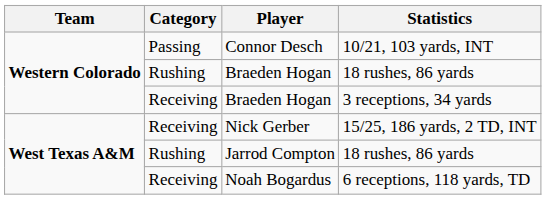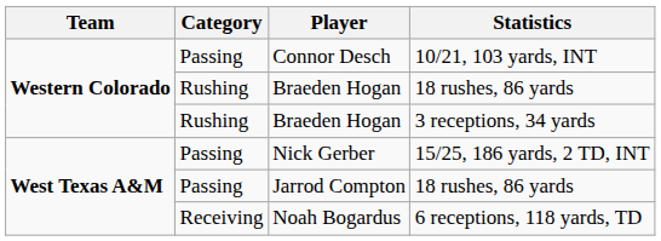 <table class="wikitable" style="float: left;">
 <tr>
 <th>Team</th>
 <th>Category</th>
 <th>Player</th>
 <th>Statistics</th>
 </tr>
 <tr>
 <td rowspan=3><strong>Western Colorado</strong></td>
 <td>Passing</td>
 <td>Connor Desch</td>
 <td>10/21, 103 yards, INT</td>
 </tr>
 <tr>
 <td>Rushing</td>
 <td>Braeden Hogan</td>
 <td>18 rushes, 86 yards</td>
 </tr>
 <tr>
-<td>Receiving</td>
+<td>Rushing</td>
 <td>Braeden Hogan</td>
 <td>3 receptions, 34 yards</td>
 </tr>
 <tr>
 <td rowspan=3><strong>West Texas A&M</strong></td>
-<td>Receiving</td>
+<td>Passing</td>
 <td>Nick Gerber</td>
 <td>15/25, 186 yards, 2 TD, INT</td>
 </tr>
 <tr>
-<td>Rushing</td>
+<td>Passing</td>
 <td>Jarrod Compton</td>
 <td>18 rushes, 86 yards</td>
 </tr>
 <tr>
 <td>Receiving</td>
 <td>Noah Bogardus</td>
 <td>6 receptions, 118 yards, TD</td>
 </tr>
 </table>
